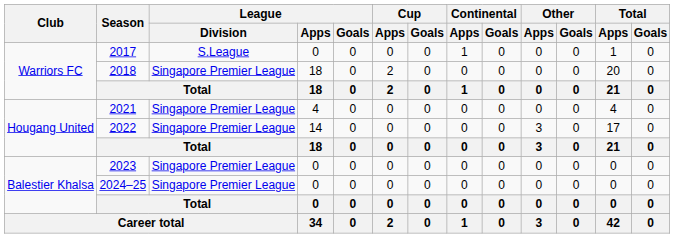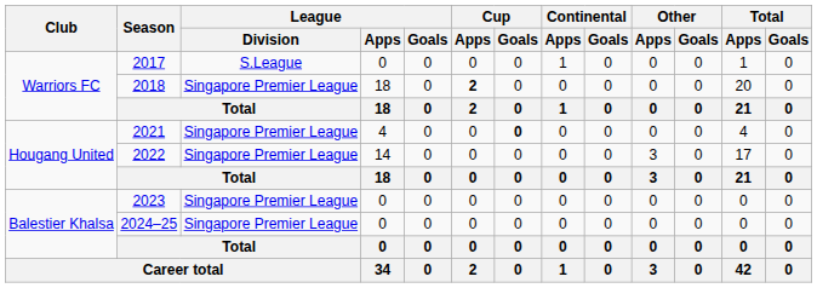 <table class="wikitable" style="text-align: center">
 <tr>
 <th rowspan="2">Club</th>
 <th rowspan="2">Season</th>
 <th colspan="3">League</th>
 <th colspan="2">Cup</th>
 <th colspan="2">Continental</th>
 <th colspan="2">Other</th>
 <th colspan="2">Total</th>
 </tr>
 <tr>
 <th>Division</th>
 <th>Apps</th>
 <th>Goals</th>
 <th>Apps</th>
 <th>Goals</th>
 <th>Apps</th>
 <th>Goals</th>
 <th>Apps</th>
 <th>Goals</th>
 <th>Apps</th>
 <th>Goals</th>
 </tr>
 <tr>
 <td rowspan="3"><a href='#'>Warriors FC</a></td>
 <td><a href='#'>2017</a></td>
 <td><a href='#'>S.League</a></td>
 <td>0</td>
 <td>0</td>
 <td>0</td>
 <td>0</td>
 <td>1</td>
 <td>0</td>
 <td>0</td>
 <td>0</td>
 <td>1</td>
 <td>0</td>
 </tr>
 <tr>
 <td><a href='#'>2018</a></td>
 <td><a href='#'>Singapore Premier League</a></td>
 <td>18</td>
 <td>0</td>
-<td>2</td>
+<td><strong>2</strong></td>
 <td>0</td>
 <td>0</td>
 <td>0</td>
 <td>0</td>
 <td>0</td>
 <td>20</td>
 <td>0</td>
 </tr>
 <tr>
 <th colspan=2>Total</th>
 <th>18</th>
 <th>0</th>
 <th>2</th>
 <th>0</th>
 <th>1</th>
 <th>0</th>
 <th>0</th>
 <th>0</th>
 <th>21</th>
 <th>0</th>
 </tr>
 <tr>
 <td rowspan="3"><a href='#'>Hougang United</a></td>
 <td><a href='#'>2021</a></td>
 <td><a href='#'>Singapore Premier League</a></td>
 <td>4</td>
 <td>0</td>
 <td>0</td>
-<td>0</td>
+<td><strong>0</strong></td>
 <td>0</td>
 <td>0</td>
 <td>0</td>
 <td>0</td>
 <td>4</td>
 <td>0</td>
 </tr>
 <tr>
 <td><a href='#'>2022</a></td>
 <td><a href='#'>Singapore Premier League</a></td>
 <td>14</td>
 <td>0</td>
 <td>0</td>
 <td>0</td>
 <td>0</td>
 <td>0</td>
 <td>3</td>
 <td>0</td>
 <td>17</td>
 <td>0</td>
 </tr>
 <tr>
 <th colspan=2>Total</th>
 <th>18</th>
 <th>0</th>
 <th>0</th>
 <th>0</th>
 <th>0</th>
 <th>0</th>
 <th>3</th>
 <th>0</th>
 <th>21</th>
 <th>0</th>
 </tr>
 <tr>
 <td rowspan="3"><a href='#'>Balestier Khalsa</a></td>
 <td><a href='#'>2023</a></td>
 <td><a href='#'>Singapore Premier League</a></td>
 <td>0</td>
 <td>0</td>
 <td>0</td>
 <td>0</td>
 <td>0</td>
 <td>0</td>
 <td>0</td>
 <td>0</td>
 <td>0</td>
 <td>0</td>
 </tr>
 <tr>
 <td><a href='#'>2024–25</a></td>
 <td><a href='#'>Singapore Premier League</a></td>
 <td>0</td>
 <td>0</td>
 <td>0</td>
 <td>0</td>
 <td>0</td>
 <td>0</td>
 <td>0</td>
 <td>0</td>
 <td>0</td>
 <td>0</td>
 </tr>
 <tr>
 <th colspan=2>Total</th>
 <th>0</th>
 <th>0</th>
 <th>0</th>
 <th>0</th>
 <th>0</th>
 <th>0</th>
 <th>0</th>
 <th>0</th>
 <th>0</th>
 <th>0</th>
 </tr>
 <tr>
 <th colspan=3>Career total</th>
 <th>34</th>
 <th>0</th>
 <th>2</th>
 <th>0</th>
 <th>1</th>
 <th>0</th>
 <th>3</th>
 <th>0</th>
 <th>42</th>
 <th>0</th>
 </tr>
 </table>
